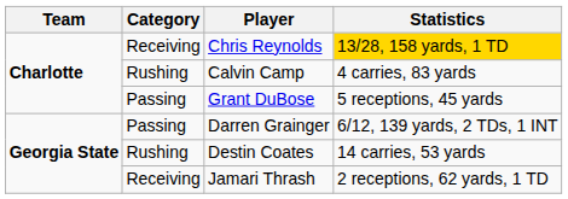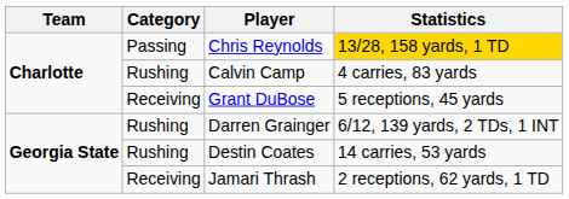 <table class="wikitable" style="float: left;">
 <tr>
 <th>Team</th>
 <th>Category</th>
 <th>Player</th>
 <th>Statistics</th>
 </tr>
 <tr>
 <td rowspan=3><strong>Charlotte</strong></td>
-<td>Receiving</td>
+<td>Passing</td>
 <td><a href='#'>Chris Reynolds</a></td>
 <td style="background: gold;">13/28, 158 yards, 1 TD</td>
 </tr>
 <tr>
 <td>Rushing</td>
 <td>Calvin Camp</td>
 <td>4 carries, 83 yards</td>
 </tr>
 <tr>
-<td>Passing</td>
+<td>Receiving</td>
 <td><a href='#'>Grant DuBose</a></td>
 <td>5 receptions, 45 yards</td>
 </tr>
 <tr>
 <td rowspan=3><strong>Georgia State</strong></td>
-<td>Passing</td>
+<td>Rushing</td>
 <td>Darren Grainger</td>
 <td>6/12, 139 yards, 2 TDs, 1 INT</td>
 </tr>
 <tr>
 <td>Rushing</td>
 <td>Destin Coates</td>
 <td>14 carries, 53 yards</td>
 </tr>
 <tr>
 <td>Receiving</td>
 <td>Jamari Thrash</td>
 <td>2 receptions, 62 yards, 1 TD</td>
 </tr>
 </table>
